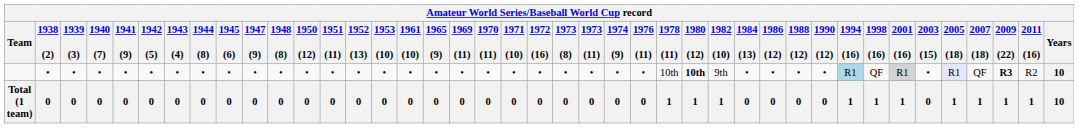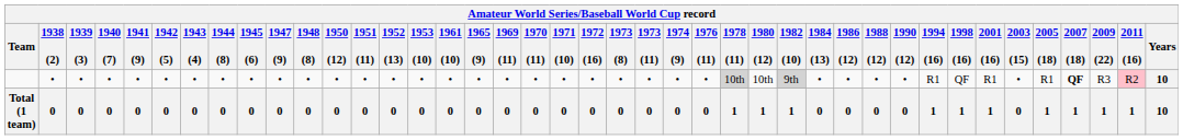 <table class="wikitable" style="text-align:center; font-size:85%;">
 <tr>
 <th colspan=42><a href='#'>Amateur World Series/Baseball World Cup</a> record</th>
 </tr>
 <tr>
 <th>Team</th>
 <th><a href='#'>1938</a><br><br>(2)</th>
 <th><a href='#'>1939</a><br><br>(3)</th>
 <th><a href='#'>1940</a><br><br>(7)</th>
 <th><a href='#'>1941</a><br><br>(9)</th>
 <th><a href='#'>1942</a><br><br>(5)</th>
 <th><a href='#'>1943</a><br><br>(4)</th>
 <th><a href='#'>1944</a><br><br>(8)</th>
 <th><a href='#'>1945</a><br><br>(6)</th>
 <th><a href='#'>1947</a><br><br>(9)</th>
 <th><a href='#'>1948</a><br><br>(8)</th>
 <th><a href='#'>1950</a><br><br>(12)</th>
 <th><a href='#'>1951</a><br><br>(11)</th>
 <th><a href='#'>1952</a><br><br>(13)</th>
 <th><a href='#'>1953</a><br><br>(10)</th>
 <th><a href='#'>1961</a><br><br>(10)</th>
 <th><a href='#'>1965</a><br><br>(9)</th>
 <th><a href='#'>1969</a><br><br>(11)</th>
 <th><a href='#'>1970</a><br><br>(11)</th>
 <th><a href='#'>1971</a><br><br>(10)</th>
 <th><a href='#'>1972</a><br><br>(16)</th>
 <th><a href='#'>1973</a><br><br>(8)</th>
 <th><a href='#'>1973</a><br><br>(11)</th>
 <th><a href='#'>1974</a><br><br>(9)</th>
 <th><a href='#'>1976</a><br><br>(11)</th>
 <th><a href='#'>1978</a><br><br>(11)</th>
 <th><a href='#'>1980</a><br><br>(12)</th>
 <th><a href='#'>1982</a><br><br>(10)</th>
 <th><a href='#'>1984</a><br><br>(13)</th>
 <th><a href='#'>1986</a><br><br>(12)</th>
 <th><a href='#'>1988</a><br><br>(12)</th>
 <th><a href='#'>1990</a><br><br>(12)</th>
 <th><a href='#'>1994</a><br><br>(16)</th>
 <th><a href='#'>1998</a><br><br>(16)</th>
 <th><a href='#'>2001</a><br><br>(16)</th>
 <th><a href='#'>2003</a><br><br>(15)</th>
 <th><a href='#'>2005</a><br><br>(18)</th>
 <th><a href='#'>2007</a><br><br>(18)</th>
 <th><a href='#'>2009</a><br><br>(22)</th>
 <th><a href='#'>2011</a><br><br>(16)</th>
 <th>Years</th>
 </tr>
 <tr>
 <td align=left></td>
 <td>•</td>
 <td>•</td>
 <td>•</td>
 <td>•</td>
 <td>•</td>
 <td>•</td>
 <td>•</td>
 <td>•</td>
 <td>•</td>
 <td>•</td>
 <td>•</td>
 <td>•</td>
 <td>•</td>
 <td>•</td>
 <td>•</td>
 <td>•</td>
 <td>•</td>
 <td>•</td>
 <td>•</td>
 <td>•</td>
 <td>•</td>
 <td>•</td>
 <td>•</td>
 <td>•</td>
+<td style="background: lightgrey;">10th</td>
 <td>10th</td>
-<td><strong>10th</strong></td>
-<td>9th</td>
+<td style="background: lightgrey;">9th</td>
 <td>•</td>
 <td>•</td>
 <td>•</td>
 <td>•</td>
-<td style="background: lightblue;">R1<br></td>
+<td>R1<br></td>
 <td>QF<br></td>
-<td style="background: lightgrey;">R1<br></td>
+<td>R1<br></td>
 <td>•</td>
-<td style="background: lavender;">R1<br></td>
-<td>QF<br></td>
-<td><strong>R3<br></strong></td>
-<td>R2<br></td>
+<td>R1<br></td>
+<td><strong>QF<br></strong></td>
+<td>R3<br></td>
+<td style="background: pink;">R2<br></td>
 <th>10</th>
 </tr>
 <tr>
 <th>Total (1 team)</th>
 <th>0</th>
 <th>0</th>
 <th>0</th>
 <th>0</th>
 <th>0</th>
 <th>0</th>
 <th>0</th>
 <th>0</th>
 <th>0</th>
 <th>0</th>
 <th>0</th>
 <th>0</th>
 <th>0</th>
 <th>0</th>
 <th>0</th>
 <th>0</th>
 <th>0</th>
 <th>0</th>
 <th>0</th>
 <th>0</th>
 <th>0</th>
 <th>0</th>
 <th>0</th>
 <th>0</th>
 <th>1</th>
 <th>1</th>
 <th>1</th>
 <th>0</th>
 <th>0</th>
 <th>0</th>
 <th>0</th>
 <th>1</th>
 <th>1</th>
 <th>1</th>
 <th>0</th>
 <th>1</th>
 <th>1</th>
 <th>1</th>
 <th>1</th>
 <th>10</th>
 </tr>
 </table>
